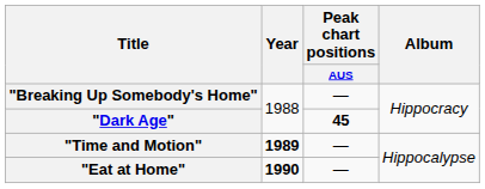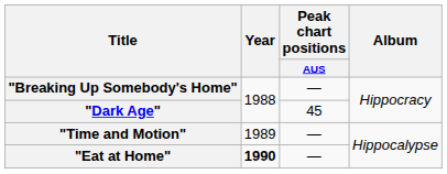 <table class="wikitable plainrowheaders" style="text-align:center;">
 <tr>
 <th scope="col" rowspan="2">Title</th>
 <th scope="col" rowspan="2">Year</th>
 <th scope="col" colspan="1">Peak chart positions</th>
 <th scope="col" rowspan="2">Album</th>
 </tr>
 <tr style="font-size:smaller;">
 <th scope="col" style="width:3em;font-size:90%;"><a href='#'>AUS</a><br></th>
 </tr>
 <tr>
 <th scope="row">"Breaking Up Somebody's Home"</th>
 <td rowspan="2">1988</td>
 <td>—</td>
 <td rowspan="2"><em>Hippocracy</em></td>
 </tr>
 <tr>
 <th scope="row">"<a href='#'>Dark Age</a>"</th>
-<td><strong>45</strong></td>
+<td>45</td>
 </tr>
 <tr>
 <th scope="row">"Time and Motion"</th>
-<td><strong>1989</strong></td>
+<td>1989</td>
 <td>—</td>
 <td rowspan="2"><em>Hippocalypse</em></td>
 </tr>
 <tr>
 <th scope="row">"Eat at Home"</th>
 <td><strong>1990</strong></td>
 <td>—</td>
 </tr>
 </table>
